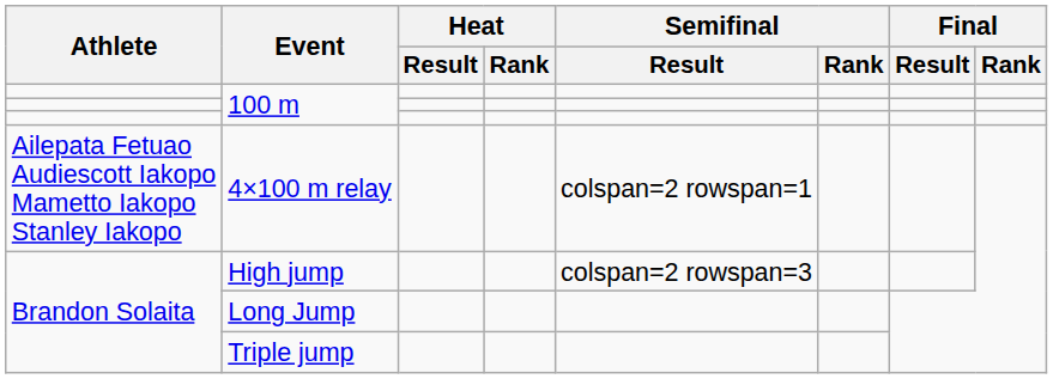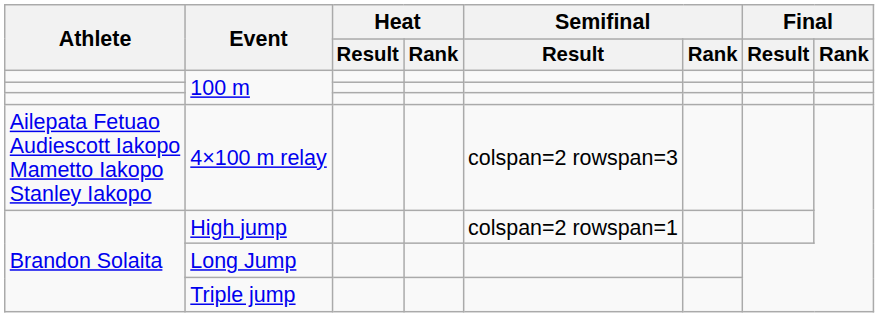 <table class="wikitable" style="font-size:90%">
 <tr>
 <th rowspan="2">Athlete</th>
 <th rowspan="2">Event</th>
 <th colspan="2">Heat</th>
 <th colspan="2">Semifinal</th>
 <th colspan="2">Final</th>
 </tr>
 <tr style="font-size:95%">
 <th>Result</th>
 <th>Rank</th>
 <th>Result</th>
 <th>Rank</th>
 <th>Result</th>
 <th>Rank</th>
 </tr>
 <tr style=text-align:center>
 <td style=text-align:left></td>
 <td style=text-align:left rowspan=3><a href='#'>100 m</a></td>
 <td></td>
 <td></td>
 <td></td>
 <td></td>
 <td></td>
 <td></td>
 </tr>
 <tr style=text-align:center>
 <td style=text-align:left></td>
 <td></td>
 <td></td>
 <td></td>
 <td></td>
 <td></td>
 <td></td>
 </tr>
 <tr style=text-align:center>
 <td style=text-align:left></td>
 <td></td>
 <td></td>
 <td></td>
 <td></td>
 <td></td>
 <td></td>
 </tr>
 <tr style=text-align:center>
 <td style=text-align:left><a href='#'>Ailepata Fetuao</a><br><a href='#'>Audiescott Iakopo</a><br><a href='#'>Mametto Iakopo</a><br><a href='#'>Stanley Iakopo</a></td>
 <td style=text-align:left rowspan=1><a href='#'>4×100 m relay</a></td>
 <td></td>
 <td></td>
-<td>colspan=2 rowspan=1 </td>
+<td>colspan=2 rowspan=3 </td>
 <td></td>
 <td></td>
 </tr>
 <tr align=center>
 <td align=left rowspan=3><a href='#'>Brandon Solaita</a></td>
 <td align=left><a href='#'>High jump</a></td>
 <td></td>
 <td></td>
-<td>colspan=2 rowspan=3 </td>
+<td>colspan=2 rowspan=1 </td>
 <td></td>
 <td></td>
 </tr>
 <tr align=center>
 <td align=left><a href='#'>Long Jump</a></td>
 <td></td>
 <td></td>
 <td></td>
 <td></td>
 </tr>
 <tr align=center>
 <td align=left><a href='#'>Triple jump</a></td>
 <td></td>
 <td></td>
 <td></td>
 <td></td>
 </tr>
 </table>
